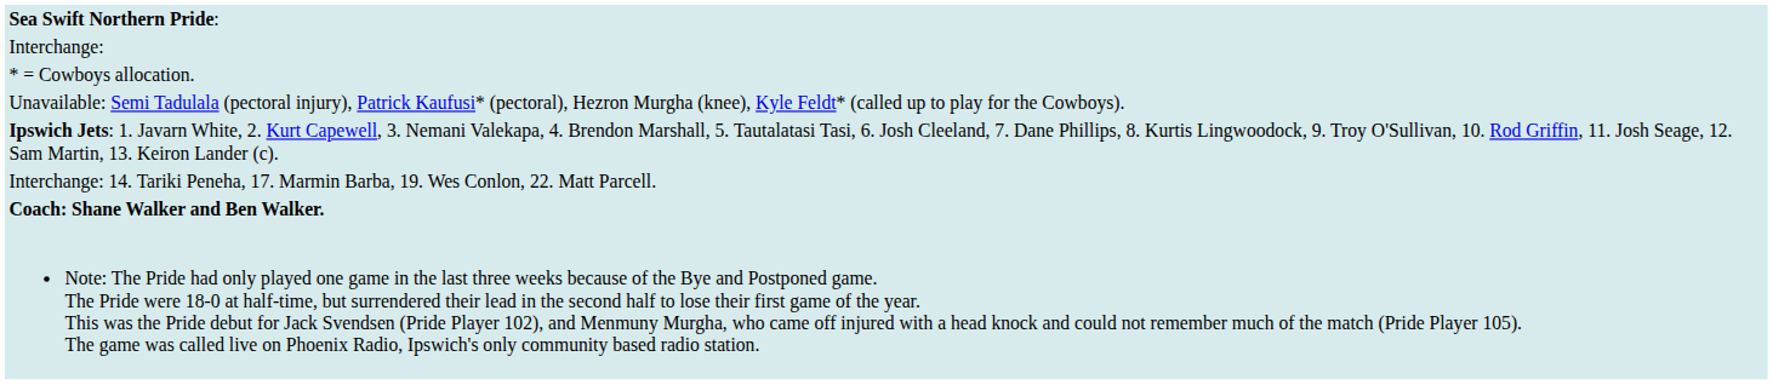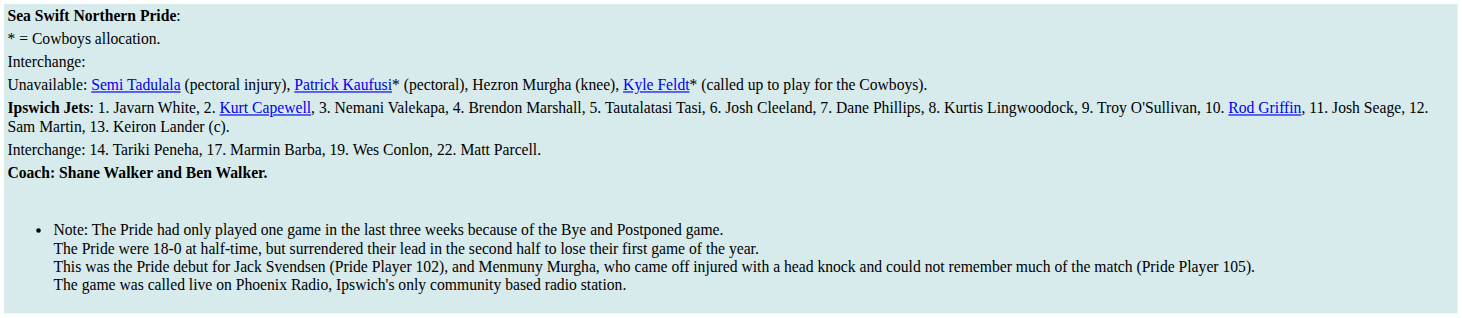 <table style="background:#d7ebed; font-size:85%; width:100%;">
 <tr>
 <td><strong>Sea Swift Northern Pride</strong>:             </td>
 </tr>
 <tr>
-<td>Interchange:    </td>
+<td>* = Cowboys allocation.</td>
 </tr>
 <tr>
-<td>* = Cowboys allocation.</td>
+<td>Interchange:    </td>
 </tr>
 <tr>
 <td>Unavailable: <a href='#'>Semi Tadulala</a> (pectoral injury), <a href='#'>Patrick Kaufusi</a>* (pectoral), Hezron Murgha (knee), <a href='#'>Kyle Feldt</a>* (called up to play for the Cowboys).</td>
 </tr>
 <tr>
 <td><strong>Ipswich Jets</strong>: 1. Javarn White, 2. <a href='#'>Kurt Capewell</a>, 3. Nemani Valekapa, 4. Brendon Marshall, 5. Tautalatasi Tasi, 6. Josh Cleeland, 7. Dane Phillips, 8. Kurtis Lingwoodock, 9. Troy O'Sullivan, 10. <a href='#'>Rod Griffin</a>, 11. Josh Seage, 12. Sam Martin, 13. Keiron Lander (c).</td>
 </tr>
 <tr>
 <td>Interchange: 14. Tariki Peneha, 17. Marmin Barba, 19. Wes Conlon, 22. Matt Parcell.</td>
 </tr>
 <tr>
 <td><strong>Coach: Shane Walker and Ben Walker.</strong></td>
 </tr>
 <tr>
 <td><br><ul><li>Note: The Pride had only played one game in the last three weeks because of the Bye and Postponed game.<br>The Pride were 18-0 at half-time, but surrendered their lead in the second half to lose their first game of the year.<br>This was the Pride debut for Jack Svendsen (Pride Player 102), and Menmuny Murgha, who came off injured with a head knock and could not remember much of the match (Pride Player 105).<br>The game was called live on Phoenix Radio, Ipswich's only community based radio station.</li></ul></td>
 </tr>
 </table>
